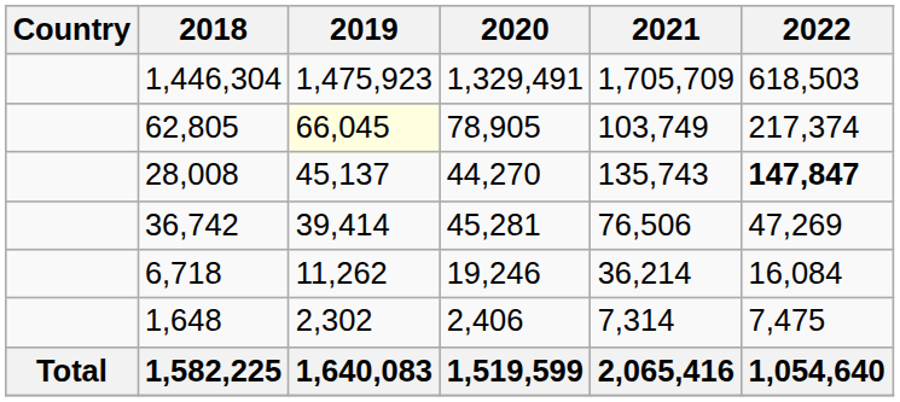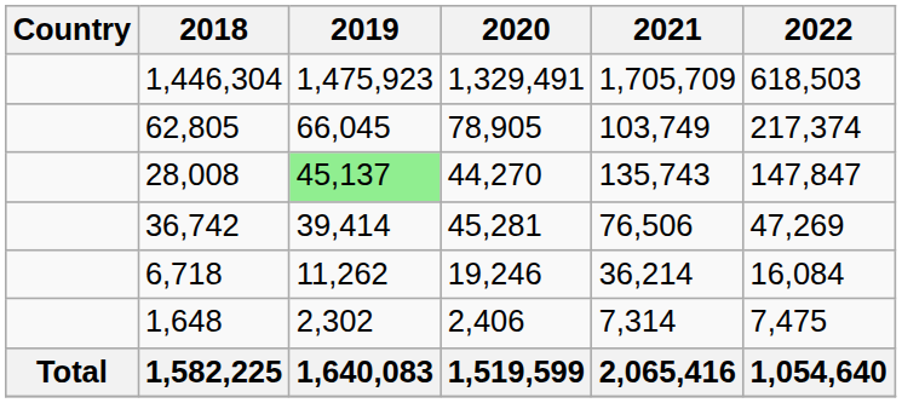 <table class="wikitable mw-collapsible mw-uncollapsed nowrap mw-datatable">
 <tr>
 <th>Country</th>
 <th>2018</th>
 <th>2019</th>
 <th>2020</th>
 <th>2021</th>
 <th>2022</th>
 </tr>
 <tr>
 <td></td>
 <td>1,446,304</td>
 <td>1,475,923</td>
 <td>1,329,491</td>
 <td>1,705,709</td>
 <td>618,503</td>
 </tr>
 <tr>
 <td></td>
 <td>62,805</td>
-<td style="background: lightyellow;">66,045</td>
+<td>66,045</td>
 <td>78,905</td>
 <td>103,749</td>
 <td>217,374</td>
 </tr>
 <tr>
 <td></td>
 <td>28,008</td>
-<td>45,137</td>
+<td style="background: lightgreen;">45,137</td>
 <td>44,270</td>
 <td>135,743</td>
-<td><strong>147,847</strong></td>
+<td>147,847</td>
 </tr>
 <tr>
 <td></td>
 <td>36,742</td>
 <td>39,414</td>
 <td>45,281</td>
 <td>76,506</td>
 <td>47,269</td>
 </tr>
 <tr>
 <td></td>
 <td>6,718</td>
 <td>11,262</td>
 <td>19,246</td>
 <td>36,214</td>
 <td>16,084</td>
 </tr>
 <tr>
 <td></td>
 <td>1,648</td>
 <td>2,302</td>
 <td>2,406</td>
 <td>7,314</td>
 <td>7,475</td>
 </tr>
 <tr>
 <th>Total</th>
 <th>1,582,225</th>
 <th>1,640,083</th>
 <th>1,519,599</th>
 <th>2,065,416</th>
 <th>1,054,640</th>
 </tr>
 <tr>
 </tr>
 </table>
